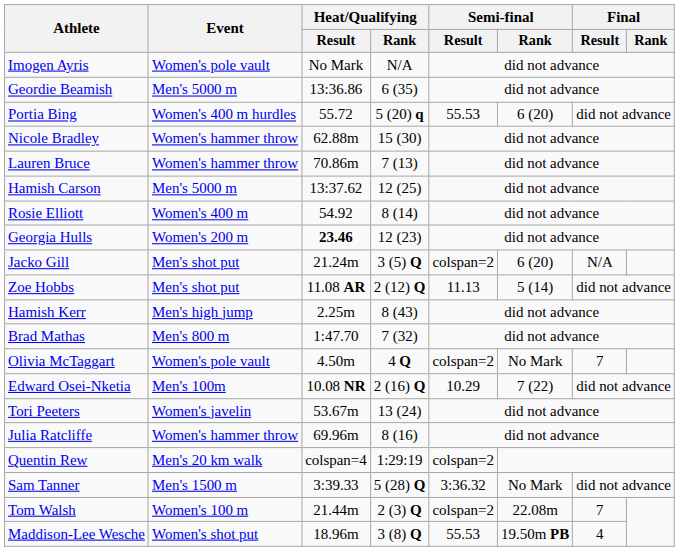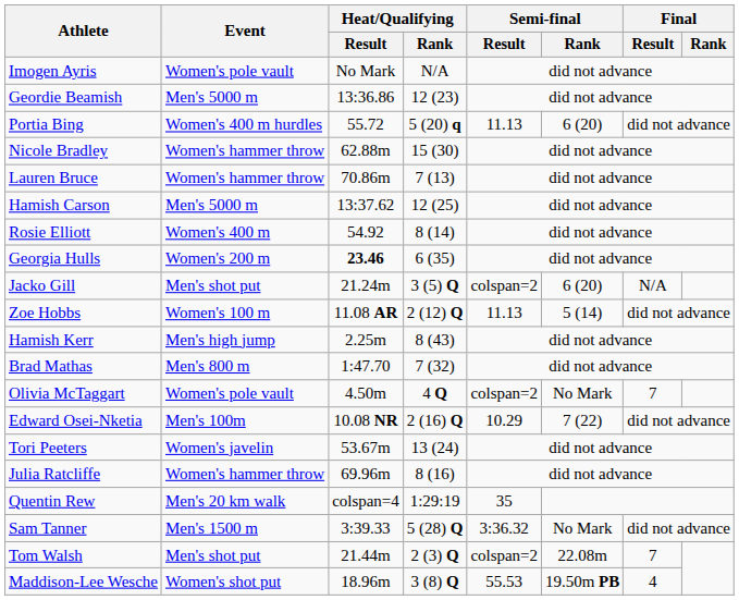 <table class=wikitable style=font-size:90%;text-align:center>
 <tr>
 <th rowspan=2>Athlete</th>
 <th rowspan=2>Event</th>
 <th colspan=2>Heat/Qualifying</th>
 <th colspan=2>Semi-final</th>
 <th colspan=2>Final</th>
 </tr>
 <tr style=font-size:95%>
 <th>Result</th>
 <th>Rank</th>
 <th>Result</th>
 <th>Rank</th>
 <th>Result</th>
 <th>Rank</th>
 </tr>
 <tr>
 <td align=left><a href='#'>Imogen Ayris</a></td>
 <td align=left><a href='#'>Women's pole vault</a></td>
 <td>No Mark</td>
 <td>N/A</td>
 <td colspan=4>did not advance</td>
 </tr>
 <tr>
 <td align=left><a href='#'>Geordie Beamish</a></td>
 <td align=left><a href='#'>Men's 5000 m</a></td>
 <td>13:36.86</td>
-<td>6 (35)</td>
+<td>12 (23)</td>
 <td colspan=4>did not advance</td>
 </tr>
 <tr>
 <td align=left><a href='#'>Portia Bing</a></td>
 <td align=left><a href='#'>Women's 400 m hurdles</a></td>
 <td>55.72</td>
 <td>5 (20) <strong>q</strong></td>
-<td>55.53</td>
+<td>11.13</td>
 <td>6 (20)</td>
 <td colspan=2>did not advance</td>
 </tr>
 <tr>
 <td align=left><a href='#'>Nicole Bradley</a></td>
 <td align=left><a href='#'>Women's hammer throw</a></td>
 <td>62.88m</td>
 <td>15 (30)</td>
 <td colspan=4>did not advance</td>
 </tr>
 <tr>
 <td align=left><a href='#'>Lauren Bruce</a></td>
 <td align=left><a href='#'>Women's hammer throw</a></td>
 <td>70.86m</td>
 <td>7 (13)</td>
 <td colspan=4>did not advance</td>
 </tr>
 <tr>
 <td align=left><a href='#'>Hamish Carson</a></td>
 <td align=left><a href='#'>Men's 5000 m</a></td>
 <td>13:37.62</td>
 <td>12 (25)</td>
 <td colspan=4>did not advance</td>
 </tr>
 <tr>
 <td align=left><a href='#'>Rosie Elliott</a></td>
 <td align=left><a href='#'>Women's 400 m</a></td>
 <td>54.92</td>
 <td>8 (14)</td>
 <td colspan=4>did not advance</td>
 </tr>
 <tr>
 <td align=left><a href='#'>Georgia Hulls</a></td>
 <td align=left><a href='#'>Women's 200 m</a></td>
 <td><strong>23.46</strong></td>
-<td>12 (23)</td>
+<td>6 (35)</td>
 <td colspan=4>did not advance</td>
 </tr>
 <tr>
 <td align=left><a href='#'>Jacko Gill</a></td>
 <td align=left><a href='#'>Men's shot put</a></td>
 <td>21.24m</td>
 <td>3 (5) <strong>Q</strong></td>
 <td>colspan=2 </td>
 <td>6 (20)</td>
 <td>N/A</td>
 </tr>
 <tr>
 <td align=left><a href='#'>Zoe Hobbs</a></td>
-<td align=left><a href='#'>Men's shot put</a></td>
+<td align=left><a href='#'>Women's 100 m</a></td>
 <td>11.08 <strong>AR</strong></td>
 <td>2 (12) <strong>Q</strong></td>
 <td>11.13</td>
 <td>5 (14)</td>
 <td colspan=2>did not advance</td>
 </tr>
 <tr>
 <td align=left><a href='#'>Hamish Kerr</a></td>
 <td align=left><a href='#'>Men's high jump</a></td>
 <td>2.25m</td>
 <td>8 (43)</td>
 <td colspan=4>did not advance</td>
 </tr>
 <tr>
 <td align=left><a href='#'>Brad Mathas</a></td>
 <td align=left><a href='#'>Men's 800 m</a></td>
 <td>1:47.70</td>
 <td>7 (32)</td>
 <td colspan=4>did not advance</td>
 </tr>
 <tr>
 <td align=left><a href='#'>Olivia McTaggart</a></td>
 <td align=left><a href='#'>Women's pole vault</a></td>
 <td>4.50m</td>
 <td>4 <strong>Q</strong></td>
 <td>colspan=2 </td>
 <td>No Mark</td>
 <td>7</td>
 </tr>
 <tr>
 <td align=left><a href='#'>Edward Osei-Nketia</a></td>
 <td align=left><a href='#'>Men's 100m</a></td>
 <td>10.08 <strong>NR</strong></td>
 <td>2 (16) <strong>Q</strong></td>
 <td>10.29</td>
 <td>7 (22)</td>
 <td colspan=2>did not advance</td>
 </tr>
 <tr>
 <td align=left><a href='#'>Tori Peeters</a></td>
 <td align=left><a href='#'>Women's javelin</a></td>
 <td>53.67m</td>
 <td>13 (24)</td>
 <td colspan=4>did not advance</td>
 </tr>
 <tr>
 <td align=left><a href='#'>Julia Ratcliffe</a></td>
 <td align=left><a href='#'>Women's hammer throw</a></td>
 <td>69.96m</td>
 <td>8 (16)</td>
 <td colspan=4>did not advance</td>
 </tr>
 <tr>
 <td align=left><a href='#'>Quentin Rew</a></td>
 <td align=left><a href='#'>Men's 20 km walk</a></td>
 <td>colspan=4 </td>
 <td>1:29:19</td>
-<td>colspan=2 </td>
+<td>35</td>
 </tr>
 <tr>
 <td align=left><a href='#'>Sam Tanner</a></td>
 <td align=left><a href='#'>Men's 1500 m</a></td>
 <td>3:39.33</td>
 <td>5 (28) <strong>Q</strong></td>
 <td>3:36.32</td>
 <td>No Mark</td>
 <td colspan=2>did not advance</td>
 </tr>
 <tr>
 <td align=left><a href='#'>Tom Walsh</a></td>
-<td align=left><a href='#'>Women's 100 m</a></td>
+<td align=left><a href='#'>Men's shot put</a></td>
 <td>21.44m</td>
 <td>2 (3) <strong>Q</strong></td>
 <td>colspan=2 </td>
 <td>22.08m</td>
 <td>7</td>
 </tr>
 <tr>
 <td align=left><a href='#'>Maddison-Lee Wesche</a></td>
 <td align=left><a href='#'>Women's shot put</a></td>
 <td>18.96m</td>
 <td>3 (8) <strong>Q</strong></td>
 <td>55.53</td>
 <td>19.50m <strong>PB</strong></td>
 <td>4</td>
 </tr>
 </table>
